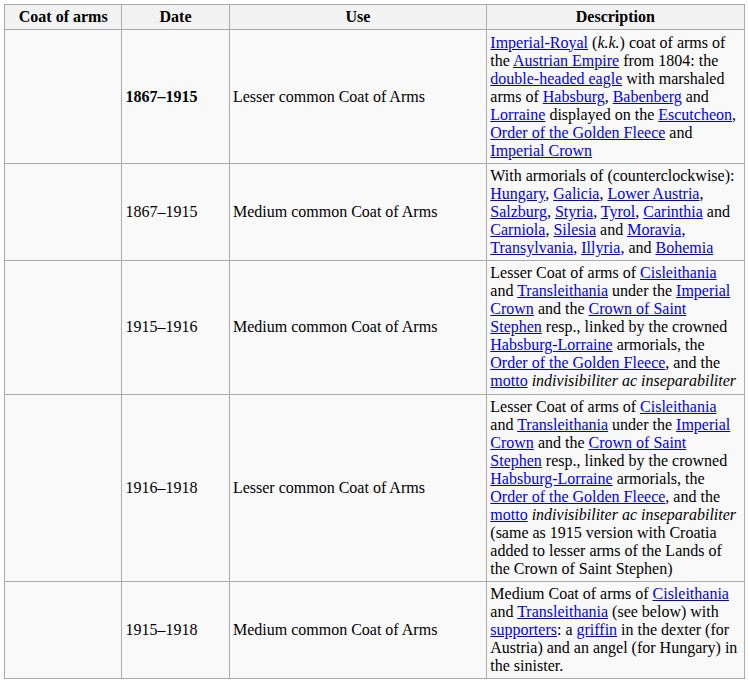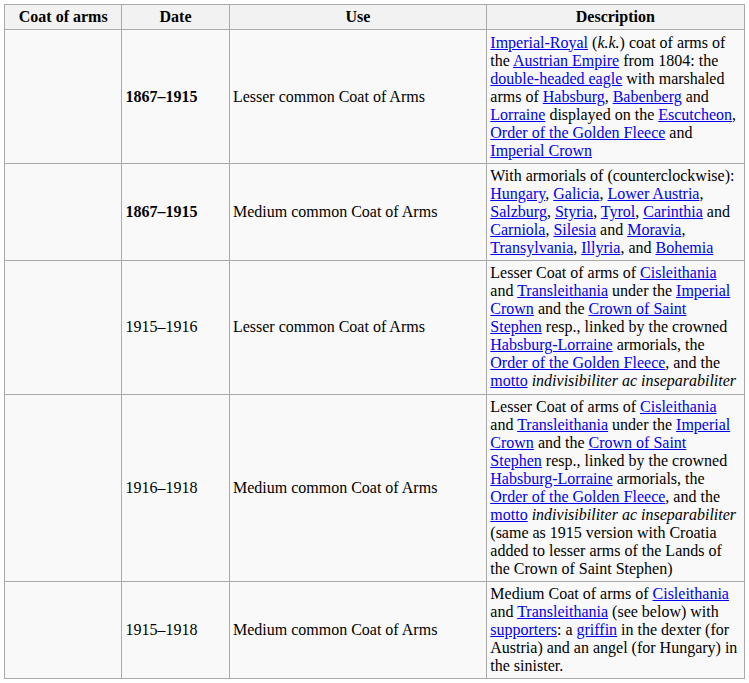 <table class="wikitable">
 <tr>
 <th width="110">Coat of arms</th>
 <th width="100">Date</th>
 <th width="250">Use</th>
 <th width="250">Description</th>
 </tr>
 <tr>
 <td></td>
 <td><strong>1867–1915</strong></td>
 <td>Lesser common Coat of Arms</td>
 <td><a href='#'>Imperial-Royal</a> (<em>k.k.</em>) coat of arms of the <a href='#'>Austrian Empire</a> from 1804: the <a href='#'>double-headed eagle</a> with marshaled arms of <a href='#'>Habsburg</a>, <a href='#'>Babenberg</a> and <a href='#'>Lorraine</a> displayed on the <a href='#'>Escutcheon</a>, <a href='#'>Order of the Golden Fleece</a> and <a href='#'>Imperial Crown</a></td>
 </tr>
 <tr>
 <td></td>
-<td>1867–1915</td>
+<td><strong>1867–1915</strong></td>
 <td>Medium common Coat of Arms</td>
 <td>With armorials of (counterclockwise): <a href='#'>Hungary</a>, <a href='#'>Galicia</a>, <a href='#'>Lower Austria</a>, <a href='#'>Salzburg</a>, <a href='#'>Styria</a>, <a href='#'>Tyrol</a>, <a href='#'>Carinthia</a> and <a href='#'>Carniola</a>, <a href='#'>Silesia</a> and <a href='#'>Moravia</a>, <a href='#'>Transylvania</a>, <a href='#'>Illyria</a>, and <a href='#'>Bohemia</a></td>
 </tr>
 <tr>
 <td></td>
 <td>1915–1916</td>
-<td>Medium common Coat of Arms</td>
+<td>Lesser common Coat of Arms</td>
 <td>Lesser Coat of arms of <a href='#'>Cisleithania</a> and <a href='#'>Transleithania</a> under the <a href='#'>Imperial Crown</a> and the <a href='#'>Crown of Saint Stephen</a> resp., linked by the crowned <a href='#'>Habsburg-Lorraine</a> armorials, the <a href='#'>Order of the Golden Fleece</a>, and the <a href='#'>motto</a> <em>indivisibiliter ac inseparabiliter</em></td>
 </tr>
 <tr>
 <td></td>
 <td>1916–1918</td>
-<td>Lesser common Coat of Arms</td>
+<td>Medium common Coat of Arms</td>
 <td>Lesser Coat of arms of <a href='#'>Cisleithania</a> and <a href='#'>Transleithania</a> under the <a href='#'>Imperial Crown</a> and the <a href='#'>Crown of Saint Stephen</a> resp., linked by the crowned <a href='#'>Habsburg-Lorraine</a> armorials, the <a href='#'>Order of the Golden Fleece</a>, and the <a href='#'>motto</a> <em>indivisibiliter ac inseparabiliter</em> (same as 1915 version with Croatia added to lesser arms of the Lands of the Crown of Saint Stephen)</td>
 </tr>
 <tr>
 <td></td>
 <td>1915–1918</td>
 <td>Medium common Coat of Arms</td>
 <td>Medium Coat of arms of <a href='#'>Cisleithania</a> and <a href='#'>Transleithania</a> (see below) with <a href='#'>supporters</a>: a <a href='#'>griffin</a> in the dexter (for Austria) and an angel (for Hungary) in the sinister.</td>
 </tr>
 <tr>
 </tr>
 </table>
